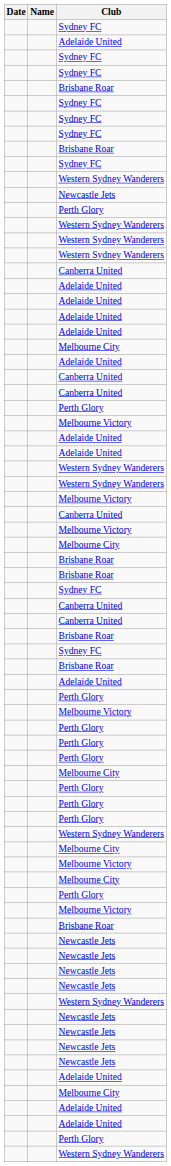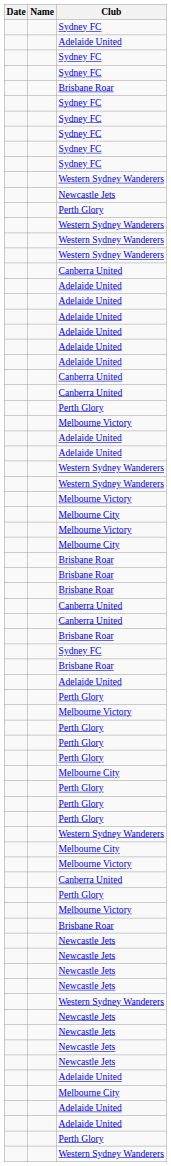 <table class="wikitable sortable">
 <tr>
 <th>Date</th>
 <th>Name</th>
 <th>Club</th>
 </tr>
 <tr>
 <td></td>
 <td></td>
 <td><a href='#'>Sydney FC</a></td>
 </tr>
 <tr>
 <td></td>
 <td></td>
 <td><a href='#'>Adelaide United</a></td>
 </tr>
 <tr>
 <td></td>
 <td></td>
 <td><a href='#'>Sydney FC</a></td>
 </tr>
 <tr>
 <td></td>
 <td></td>
 <td><a href='#'>Sydney FC</a></td>
 </tr>
 <tr>
 <td></td>
 <td></td>
 <td><a href='#'>Brisbane Roar</a></td>
 </tr>
 <tr>
 <td></td>
 <td></td>
 <td><a href='#'>Sydney FC</a></td>
 </tr>
 <tr>
 <td></td>
 <td></td>
 <td><a href='#'>Sydney FC</a></td>
 </tr>
 <tr>
 <td></td>
 <td></td>
 <td><a href='#'>Sydney FC</a></td>
 </tr>
 <tr>
 <td></td>
 <td></td>
-<td><a href='#'>Brisbane Roar</a></td>
+<td><a href='#'>Sydney FC</a></td>
 </tr>
 <tr>
 <td></td>
 <td></td>
 <td><a href='#'>Sydney FC</a></td>
 </tr>
 <tr>
 <td></td>
 <td></td>
 <td><a href='#'>Western Sydney Wanderers</a></td>
 </tr>
 <tr>
 <td></td>
 <td></td>
 <td><a href='#'>Newcastle Jets</a></td>
 </tr>
 <tr>
 <td></td>
 <td></td>
 <td><a href='#'>Perth Glory</a></td>
 </tr>
 <tr>
 <td></td>
 <td></td>
 <td><a href='#'>Western Sydney Wanderers</a></td>
 </tr>
 <tr>
 <td></td>
 <td></td>
 <td><a href='#'>Western Sydney Wanderers</a></td>
 </tr>
 <tr>
 <td></td>
 <td></td>
 <td><a href='#'>Western Sydney Wanderers</a></td>
 </tr>
 <tr>
 <td></td>
 <td></td>
 <td><a href='#'>Canberra United</a></td>
 </tr>
 <tr>
 <td></td>
 <td></td>
 <td><a href='#'>Adelaide United</a></td>
 </tr>
 <tr>
 <td></td>
 <td></td>
 <td><a href='#'>Adelaide United</a></td>
 </tr>
 <tr>
 <td></td>
 <td></td>
 <td><a href='#'>Adelaide United</a></td>
 </tr>
 <tr>
 <td></td>
 <td></td>
 <td><a href='#'>Adelaide United</a></td>
 </tr>
 <tr>
 <td></td>
 <td></td>
-<td><a href='#'>Melbourne City</a></td>
+<td><a href='#'>Adelaide United</a></td>
 </tr>
 <tr>
 <td></td>
 <td></td>
 <td><a href='#'>Adelaide United</a></td>
 </tr>
 <tr>
 <td></td>
 <td></td>
 <td><a href='#'>Canberra United</a></td>
 </tr>
 <tr>
 <td></td>
 <td></td>
 <td><a href='#'>Canberra United</a></td>
 </tr>
 <tr>
 <td></td>
 <td></td>
 <td><a href='#'>Perth Glory</a></td>
 </tr>
 <tr>
 <td></td>
 <td></td>
 <td><a href='#'>Melbourne Victory</a></td>
 </tr>
 <tr>
 <td></td>
 <td></td>
 <td><a href='#'>Adelaide United</a></td>
 </tr>
 <tr>
 <td></td>
 <td></td>
 <td><a href='#'>Adelaide United</a></td>
 </tr>
 <tr>
 <td></td>
 <td></td>
 <td><a href='#'>Western Sydney Wanderers</a></td>
 </tr>
 <tr>
 <td></td>
 <td></td>
 <td><a href='#'>Western Sydney Wanderers</a></td>
 </tr>
 <tr>
 <td></td>
 <td></td>
 <td><a href='#'>Melbourne Victory</a></td>
 </tr>
 <tr>
 <td></td>
 <td></td>
-<td><a href='#'>Canberra United</a></td>
+<td><a href='#'>Melbourne City</a></td>
 </tr>
 <tr>
 <td></td>
 <td></td>
 <td><a href='#'>Melbourne Victory</a></td>
 </tr>
 <tr>
 <td></td>
 <td></td>
 <td><a href='#'>Melbourne City</a></td>
 </tr>
 <tr>
 <td></td>
 <td></td>
 <td><a href='#'>Brisbane Roar</a></td>
 </tr>
 <tr>
 <td></td>
 <td></td>
 <td><a href='#'>Brisbane Roar</a></td>
 </tr>
 <tr>
 <td></td>
 <td></td>
-<td><a href='#'>Sydney FC</a></td>
+<td><a href='#'>Brisbane Roar</a></td>
 </tr>
 <tr>
 <td></td>
 <td></td>
 <td><a href='#'>Canberra United</a></td>
 </tr>
 <tr>
 <td></td>
 <td></td>
 <td><a href='#'>Canberra United</a></td>
 </tr>
 <tr>
 <td></td>
 <td></td>
 <td><a href='#'>Brisbane Roar</a></td>
 </tr>
 <tr>
 <td></td>
 <td></td>
 <td><a href='#'>Sydney FC</a></td>
 </tr>
 <tr>
 <td></td>
 <td></td>
 <td><a href='#'>Brisbane Roar</a></td>
 </tr>
 <tr>
 <td></td>
 <td></td>
 <td><a href='#'>Adelaide United</a></td>
 </tr>
 <tr>
 <td></td>
 <td></td>
 <td><a href='#'>Perth Glory</a></td>
 </tr>
 <tr>
 <td></td>
 <td></td>
 <td><a href='#'>Melbourne Victory</a></td>
 </tr>
 <tr>
 <td></td>
 <td></td>
 <td><a href='#'>Perth Glory</a></td>
 </tr>
 <tr>
 <td></td>
 <td></td>
 <td><a href='#'>Perth Glory</a></td>
 </tr>
 <tr>
 <td></td>
 <td></td>
 <td><a href='#'>Perth Glory</a></td>
 </tr>
 <tr>
 <td></td>
 <td></td>
 <td><a href='#'>Melbourne City</a></td>
 </tr>
 <tr>
 <td></td>
 <td></td>
 <td><a href='#'>Perth Glory</a></td>
 </tr>
 <tr>
 <td></td>
 <td></td>
 <td><a href='#'>Perth Glory</a></td>
 </tr>
 <tr>
 <td></td>
 <td></td>
 <td><a href='#'>Perth Glory</a></td>
 </tr>
 <tr>
 <td></td>
 <td></td>
 <td><a href='#'>Western Sydney Wanderers</a></td>
 </tr>
 <tr>
 <td></td>
 <td></td>
 <td><a href='#'>Melbourne City</a></td>
 </tr>
 <tr>
 <td></td>
 <td></td>
 <td><a href='#'>Melbourne Victory</a></td>
 </tr>
 <tr>
 <td></td>
 <td></td>
-<td><a href='#'>Melbourne City</a></td>
+<td><a href='#'>Canberra United</a></td>
 </tr>
 <tr>
 <td></td>
 <td></td>
 <td><a href='#'>Perth Glory</a></td>
 </tr>
 <tr>
 <td></td>
 <td></td>
 <td><a href='#'>Melbourne Victory</a></td>
 </tr>
 <tr>
 <td></td>
 <td></td>
 <td><a href='#'>Brisbane Roar</a></td>
 </tr>
 <tr>
 <td></td>
 <td></td>
 <td><a href='#'>Newcastle Jets</a></td>
 </tr>
 <tr>
 <td></td>
 <td></td>
 <td><a href='#'>Newcastle Jets</a></td>
 </tr>
 <tr>
 <td></td>
 <td></td>
 <td><a href='#'>Newcastle Jets</a></td>
 </tr>
 <tr>
 <td></td>
 <td></td>
 <td><a href='#'>Newcastle Jets</a></td>
 </tr>
 <tr>
 <td></td>
 <td></td>
 <td><a href='#'>Western Sydney Wanderers</a></td>
 </tr>
 <tr>
 <td></td>
 <td></td>
 <td><a href='#'>Newcastle Jets</a></td>
 </tr>
 <tr>
 <td></td>
 <td></td>
 <td><a href='#'>Newcastle Jets</a></td>
 </tr>
 <tr>
 <td></td>
 <td></td>
 <td><a href='#'>Newcastle Jets</a></td>
 </tr>
 <tr>
 <td></td>
 <td></td>
 <td><a href='#'>Newcastle Jets</a></td>
 </tr>
 <tr>
 <td></td>
 <td></td>
 <td><a href='#'>Adelaide United</a></td>
 </tr>
 <tr>
 <td></td>
 <td></td>
 <td><a href='#'>Melbourne City</a></td>
 </tr>
 <tr>
 <td></td>
 <td></td>
 <td><a href='#'>Adelaide United</a></td>
 </tr>
 <tr>
 <td></td>
 <td></td>
 <td><a href='#'>Adelaide United</a></td>
 </tr>
 <tr>
 <td></td>
 <td></td>
 <td><a href='#'>Perth Glory</a></td>
 </tr>
 <tr>
 <td></td>
 <td></td>
 <td><a href='#'>Western Sydney Wanderers</a></td>
 </tr>
 </table>
